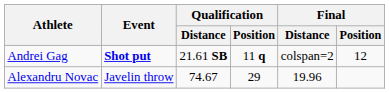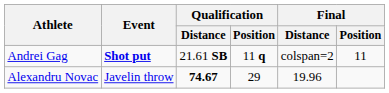 <table class=wikitable style="font-size:90%">
 <tr>
 <th rowspan="2">Athlete</th>
 <th rowspan="2">Event</th>
 <th colspan="2">Qualification</th>
 <th colspan="2">Final</th>
 </tr>
 <tr style="font-size:95%">
 <th>Distance</th>
 <th>Position</th>
 <th>Distance</th>
 <th>Position</th>
 </tr>
 <tr style=text-align:center>
 <td style=text-align:left><a href='#'>Andrei Gag</a></td>
 <td style=text-align:left><strong><a href='#'>Shot put</a></strong></td>
 <td>21.61 <strong>SB</strong></td>
 <td>11 <strong>q</strong></td>
 <td>colspan=2 </td>
-<td>12</td>
+<td>11</td>
 </tr>
 <tr style=text-align:center>
 <td style=text-align:left><a href='#'>Alexandru Novac</a></td>
 <td style=text-align:left><a href='#'>Javelin throw</a></td>
-<td>74.67</td>
+<td><strong>74.67</strong></td>
 <td>29</td>
 <td>19.96</td>
 </tr>
 </table>
